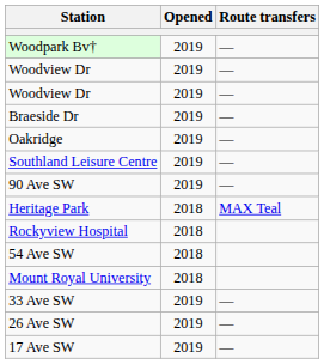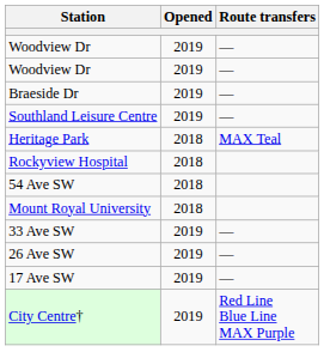 <table class="wikitable sortable">
 <tr>
 <th>Station</th>
 <th data-sort-type="usLongDate">Opened</th>
 <th class="unsortable">Route transfers</th>
 </tr>
 <tr>
 <th colspan=3 style="background:#"></th>
-</tr>
-<tr>
-<td style="background-color:#ddffdd">Woodpark Bv†</td>
-<td align=center>2019</td>
-<td>—</td>
 </tr>
 <tr>
 <td>Woodview Dr</td>
 <td align=center>2019</td>
 <td>—</td>
 </tr>
 <tr>
 <td>Woodview Dr</td>
 <td align=center>2019</td>
 <td>—</td>
 </tr>
 <tr>
 <td>Braeside Dr</td>
 <td align=center>2019</td>
 <td>—</td>
 </tr>
 <tr>
-<td>Oakridge</td>
-<td align=center>2019</td>
-<td>—</td>
-</tr>
-<tr>
 <td><a href='#'>Southland Leisure Centre</a></td>
-<td align=center>2019</td>
-<td>—</td>
-</tr>
-<tr>
-<td>90 Ave SW</td>
 <td align=center>2019</td>
 <td>—</td>
 </tr>
 <tr>
 <td><a href='#'>Heritage Park</a></td>
 <td align=center>2018</td>
 <td> <a href='#'>MAX Teal</a></td>
 </tr>
 <tr>
 <td><a href='#'>Rockyview Hospital</a></td>
 <td align=center>2018</td>
 <td></td>
 </tr>
 <tr>
 <td>54 Ave SW</td>
 <td align=center>2018</td>
 <td></td>
 </tr>
 <tr>
 <td><a href='#'>Mount Royal University</a></td>
 <td align=center>2018</td>
 <td></td>
 </tr>
 <tr>
 <td>33 Ave SW</td>
 <td align=center>2019</td>
 <td>—</td>
 </tr>
 <tr>
 <td>26 Ave SW</td>
 <td align=center>2019</td>
 <td>—</td>
 </tr>
 <tr>
 <td>17 Ave SW</td>
 <td align=center>2019</td>
 <td>—</td>
 </tr>
+<tr>
+<td style="background-color:#ddffdd"><a href='#'>City Centre</a>†</td>
+<td align=center>2019</td>
+<td> <a href='#'>Red Line</a><br> <a href='#'>Blue Line</a><br> <a href='#'>MAX Purple</a></td>
+</tr>
 </table>
